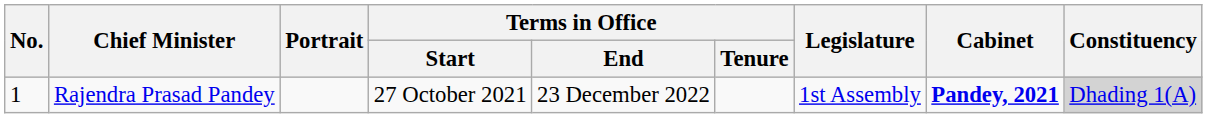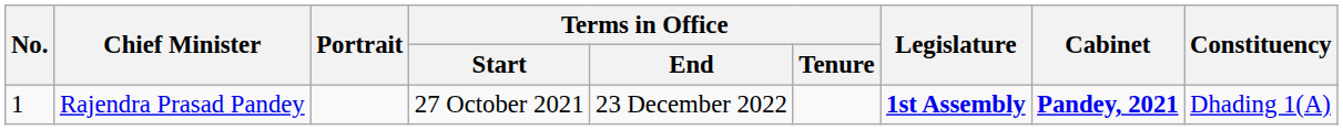 <table class="wikitable">
 <tr>
 <th rowspan="2" style="background-color:">No.</th>
 <th rowspan="2" style="background-color:">Chief Minister</th>
 <th rowspan="2" style="background-color:">Portrait</th>
 <th colspan="3" style="background-color:">Terms in Office</th>
 <th rowspan="2" style="background-color:">Legislature</th>
 <th rowspan="2" style="background-color:">Cabinet</th>
 <th rowspan="2" style="background-color:">Constituency</th>
 </tr>
 <tr>
 <th style="background-color:">Start</th>
 <th style="background-color:">End</th>
 <th style="background-color:">Tenure</th>
 </tr>
 <tr>
 <td>1</td>
 <td><a href='#'>Rajendra Prasad Pandey</a></td>
 <td></td>
 <td>27 October 2021</td>
 <td>23 December 2022</td>
 <td></td>
-<td><a href='#'>1st Assembly</a></td>
+<td><strong><a href='#'>1st Assembly</a></strong></td>
 <td><strong><a href='#'>Pandey, 2021</a></strong></td>
-<td style="background: lightgrey;"><a href='#'>Dhading 1(A)</a></td>
+<td><a href='#'>Dhading 1(A)</a></td>
 </tr>
 </table>
